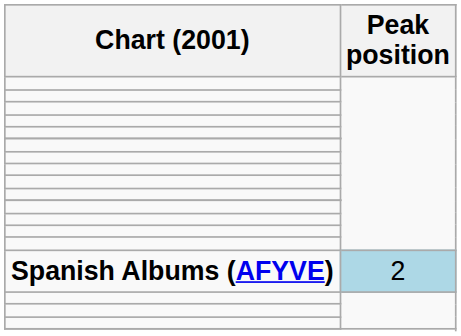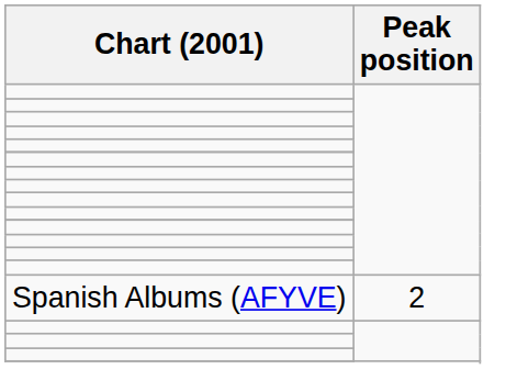 <table class="wikitable sortable plainrowheaders">
 <tr>
 <th>Chart (2001)</th>
 <th>Peak<br>position</th>
 </tr>
 <tr>
 <td></td>
 </tr>
 <tr>
 <td></td>
 </tr>
 <tr>
 <td></td>
 </tr>
 <tr>
 <td></td>
 </tr>
 <tr>
 <td></td>
 </tr>
 <tr>
 </tr>
 <tr>
 <td></td>
 </tr>
 <tr>
 <td></td>
 </tr>
 <tr>
 <td></td>
 </tr>
 <tr>
 <td></td>
 </tr>
 <tr>
 <td></td>
 </tr>
 <tr>
 </tr>
 <tr>
 <td></td>
 </tr>
 <tr>
 <td></td>
 </tr>
 <tr>
 <td></td>
 </tr>
 <tr>
 <td></td>
 </tr>
 <tr>
-<td><strong>Spanish Albums (<a href='#'>AFYVE</a>)</strong></td>
-<td align="center" style="background: lightblue;">2</td>
+<td>Spanish Albums (<a href='#'>AFYVE</a>)</td>
+<td align="center">2</td>
 </tr>
 <tr>
 <td></td>
 </tr>
 <tr>
 <td></td>
 </tr>
 <tr>
 <td></td>
 </tr>
 <tr>
 </tr>
 </table>
